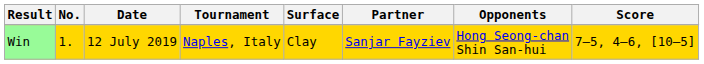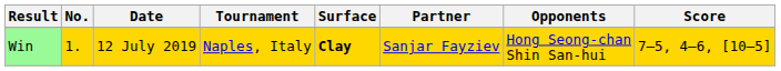 <table class=wikitable style=font-size:100%>
 <tr>
 <th>Result</th>
 <th>No.</th>
 <th>Date</th>
 <th>Tournament</th>
 <th>Surface</th>
 <th>Partner</th>
 <th>Opponents</th>
 <th>Score</th>
 </tr>
 <tr>
 </tr>
 <tr bgcolor=gold>
 <td bgcolor=98FB98>Win</td>
 <td>1.</td>
 <td>12 July 2019</td>
 <td><a href='#'>Naples</a>, Italy</td>
-<td>Clay</td>
+<td><strong>Clay</strong></td>
 <td> <a href='#'>Sanjar Fayziev</a></td>
 <td> <a href='#'>Hong Seong-chan</a><br> Shin San-hui</td>
 <td>7–5, 4–6, [10–5]</td>
 </tr>
 </table>
